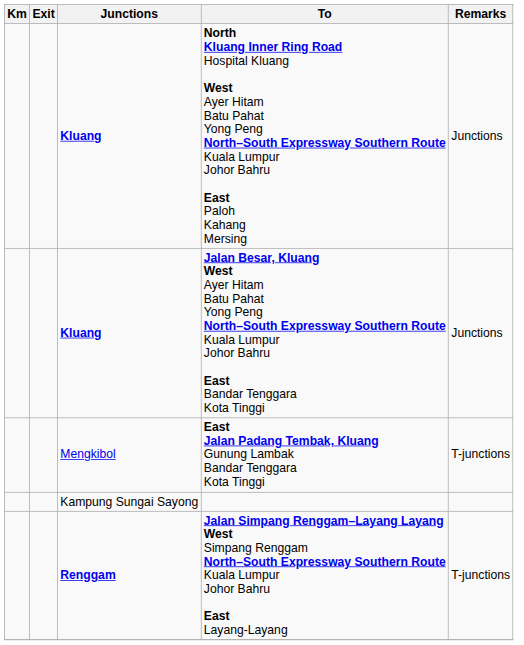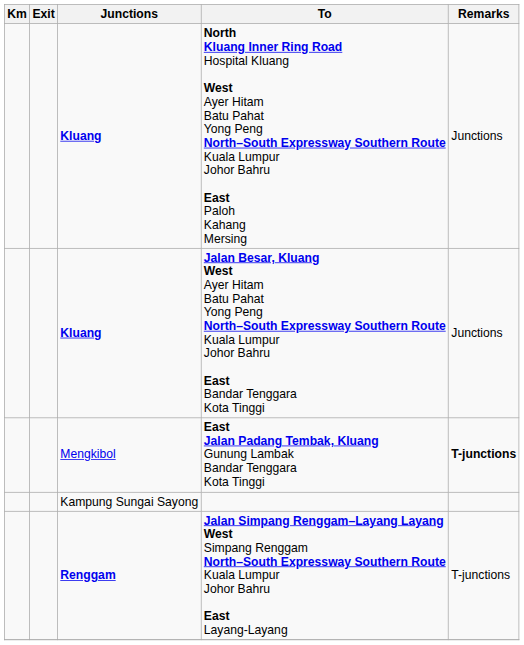 <table class="wikitable">
 <tr>
 <th>Km</th>
 <th>Exit</th>
 <th>Junctions</th>
 <th>To</th>
 <th>Remarks</th>
 </tr>
 <tr>
 <td></td>
 <td></td>
 <td><strong><a href='#'>Kluang</a></strong></td>
 <td><strong>North</strong><br> <strong><a href='#'>Kluang Inner Ring Road</a></strong><br>Hospital Kluang<br><br><strong>West</strong><br> Ayer Hitam<br> Batu Pahat<br> Yong Peng<br>  <strong><a href='#'>North–South Expressway Southern Route</a></strong><br>Kuala Lumpur<br>Johor Bahru<br><br><strong>East</strong><br> Paloh<br> Kahang<br>  Mersing</td>
 <td>Junctions</td>
 </tr>
 <tr>
 <td></td>
 <td></td>
 <td><strong><a href='#'>Kluang</a></strong></td>
 <td> <strong><a href='#'>Jalan Besar, Kluang</a></strong><br><strong>West</strong><br> Ayer Hitam<br> Batu Pahat<br> Yong Peng<br>  <strong><a href='#'>North–South Expressway Southern Route</a></strong><br>Kuala Lumpur<br>Johor Bahru<br><br><strong>East</strong><br> Bandar Tenggara<br> Kota Tinggi</td>
 <td>Junctions</td>
 </tr>
 <tr>
 <td></td>
 <td></td>
 <td><a href='#'>Mengkibol</a></td>
 <td><strong>East</strong><br> <strong><a href='#'>Jalan Padang Tembak, Kluang</a></strong><br>Gunung Lambak<br>Bandar Tenggara<br>Kota Tinggi</td>
-<td>T-junctions</td>
+<td><strong>T-junctions</strong></td>
 </tr>
 <tr>
 <td></td>
 <td></td>
 <td>Kampung Sungai Sayong</td>
 <td></td>
 <td></td>
 </tr>
 <tr>
 <td></td>
 <td></td>
 <td><strong><a href='#'>Renggam</a></strong></td>
 <td> <strong><a href='#'>Jalan Simpang Renggam–Layang Layang</a></strong><br><strong>West</strong><br>Simpang Renggam<br>  <strong><a href='#'>North–South Expressway Southern Route</a></strong><br>Kuala Lumpur<br>Johor Bahru<br><br><strong>East</strong><br>Layang-Layang</td>
 <td>T-junctions</td>
 </tr>
 <tr>
 </tr>
 </table>
